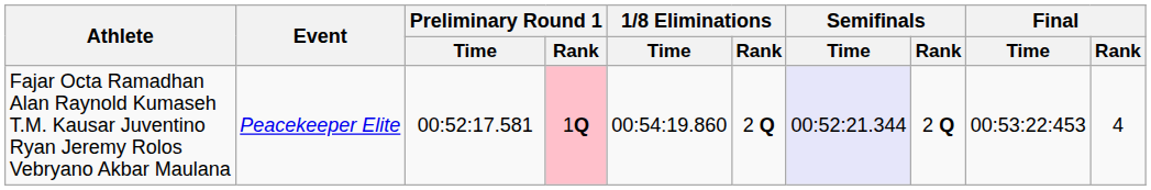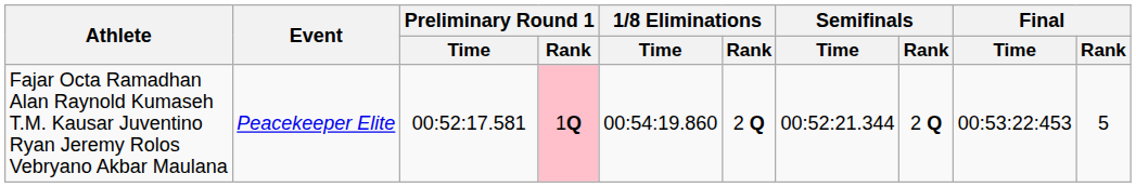 <table class="wikitable" style="font-size:90%;text-align:center">
 <tr>
 <th rowspan="2">Athlete</th>
 <th rowspan="2">Event</th>
 <th colspan="2">Preliminary Round 1</th>
 <th colspan="2">1/8 Eliminations</th>
 <th colspan="2">Semifinals</th>
 <th colspan="2">Final</th>
 </tr>
 <tr style="font-size:95%">
 <th>Time</th>
 <th>Rank</th>
 <th>Time</th>
 <th>Rank</th>
 <th>Time</th>
 <th>Rank</th>
 <th>Time</th>
 <th>Rank</th>
 </tr>
 <tr>
 <td align="left">Fajar Octa Ramadhan<br>Alan Raynold Kumaseh<br>T.M. Kausar Juventino<br>Ryan Jeremy Rolos<br>Vebryano Akbar Maulana</td>
 <td><em><a href='#'>Peacekeeper Elite</a></em></td>
 <td>00:52:17.581</td>
 <td style="background: pink;">1<strong>Q</strong></td>
 <td>00:54:19.860</td>
 <td>2 <strong>Q</strong></td>
-<td style="background: lavender;">00:52:21.344</td>
+<td>00:52:21.344</td>
 <td>2 <strong>Q</strong></td>
 <td>00:53:22:453</td>
-<td>4</td>
+<td>5</td>
 </tr>
 </table>
